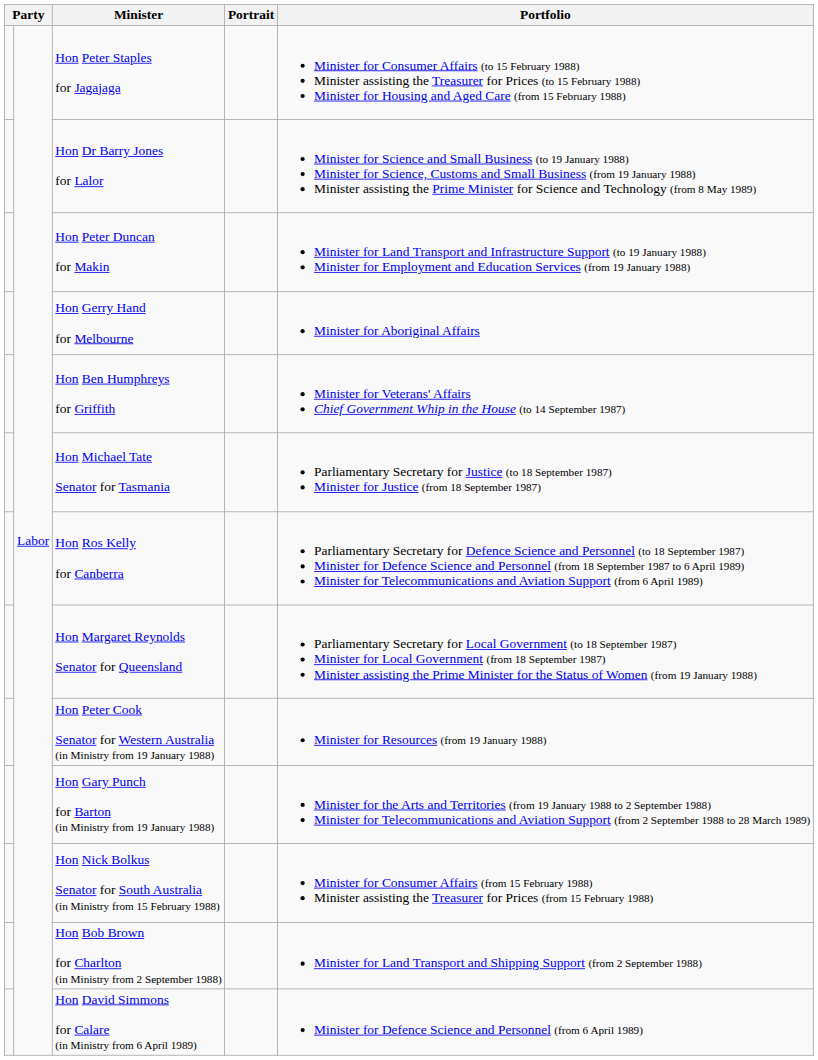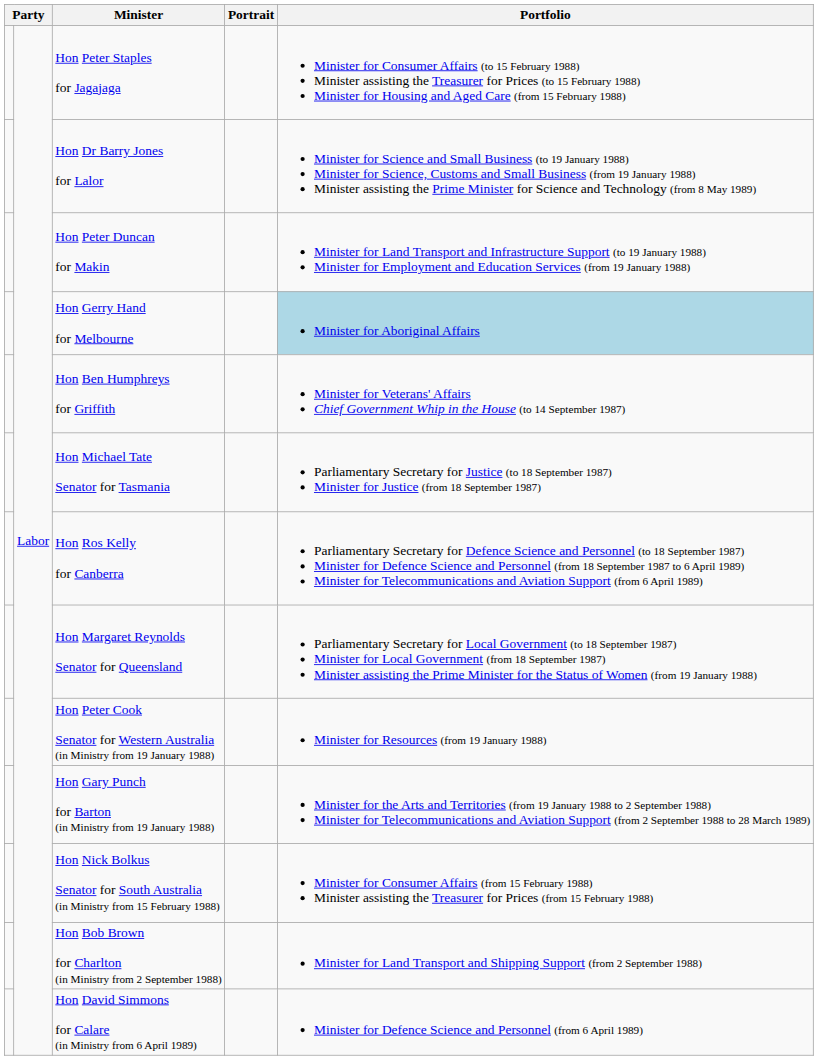 <table class="wikitable sortable">
 <tr>
 <th colspan="2">Party</th>
 <th>Minister</th>
 <th>Portrait</th>
 <th>Portfolio</th>
 </tr>
 <tr>
 <td> </td>
 <td rowspan=13><a href='#'>Labor</a></td>
 <td><a href='#'>Hon</a> <a href='#'>Peter Staples</a> <br><br> for <a href='#'>Jagajaga</a> <br></td>
 <td></td>
 <td><br><ul><li><a href='#'>Minister for Consumer Affairs</a> <small>(to 15 February 1988)</small></li><li>Minister assisting the <a href='#'>Treasurer</a> for Prices <small>(to 15 February 1988)</small></li><li><a href='#'>Minister for Housing and Aged Care</a> <small>(from 15 February 1988)</small></li></ul></td>
 </tr>
 <tr>
 <td> </td>
 <td><a href='#'>Hon</a> <a href='#'>Dr Barry Jones</a> <br><br> for <a href='#'>Lalor</a> <br></td>
 <td></td>
 <td><br><ul><li><a href='#'>Minister for Science and Small Business</a> <small>(to 19 January 1988)</small></li><li><a href='#'>Minister for Science, Customs and Small Business</a> <small>(from 19 January 1988)</small></li><li>Minister assisting the <a href='#'>Prime Minister</a> for Science and Technology <small>(from 8 May 1989)</small></li></ul></td>
 </tr>
 <tr>
 <td> </td>
 <td><a href='#'>Hon</a> <a href='#'>Peter Duncan</a> <br><br> for <a href='#'>Makin</a> <br></td>
 <td></td>
 <td><br><ul><li><a href='#'>Minister for Land Transport and Infrastructure Support</a> <small>(to 19 January 1988)</small></li><li><a href='#'>Minister for Employment and Education Services</a> <small>(from 19 January 1988)</small></li></ul></td>
 </tr>
 <tr>
 <td> </td>
 <td><a href='#'>Hon</a> <a href='#'>Gerry Hand</a> <br><br> for <a href='#'>Melbourne</a> <br></td>
 <td></td>
-<td><br><ul><li><a href='#'>Minister for Aboriginal Affairs</a></li></ul></td>
+<td style="background: lightblue;"><br><ul><li><a href='#'>Minister for Aboriginal Affairs</a></li></ul></td>
 </tr>
 <tr>
 <td> </td>
 <td><a href='#'>Hon</a> <a href='#'>Ben Humphreys</a> <br><br> for <a href='#'>Griffith</a> <br></td>
 <td></td>
 <td><br><ul><li><a href='#'>Minister for Veterans' Affairs</a></li><li><em><a href='#'>Chief Government Whip in the House</a></em> <small>(to 14 September 1987)</small></li></ul></td>
 </tr>
 <tr>
 <td> </td>
 <td><a href='#'>Hon</a> <a href='#'>Michael Tate</a> <br><br><a href='#'>Senator</a> for <a href='#'>Tasmania</a> <br></td>
 <td></td>
 <td><br><ul><li>Parliamentary Secretary for <a href='#'>Justice</a> <small>(to 18 September 1987)</small></li><li><a href='#'>Minister for Justice</a> <small>(from 18 September 1987)</small></li></ul></td>
 </tr>
 <tr>
 <td> </td>
 <td><a href='#'>Hon</a> <a href='#'>Ros Kelly</a> <br><br> for <a href='#'>Canberra</a> <br></td>
 <td></td>
 <td><br><ul><li>Parliamentary Secretary for <a href='#'>Defence Science and Personnel</a> <small>(to 18 September 1987)</small></li><li><a href='#'>Minister for Defence Science and Personnel</a> <small>(from 18 September 1987 to 6 April 1989)</small></li><li><a href='#'>Minister for Telecommunications and Aviation Support</a> <small>(from 6 April 1989)</small></li></ul></td>
 </tr>
 <tr>
 <td> </td>
 <td><a href='#'>Hon</a> <a href='#'>Margaret Reynolds</a> <br><br><a href='#'>Senator</a> for <a href='#'>Queensland</a> <br></td>
 <td></td>
 <td><br><ul><li>Parliamentary Secretary for <a href='#'>Local Government</a> <small>(to 18 September 1987)</small></li><li><a href='#'>Minister for Local Government</a> <small>(from 18 September 1987)</small></li><li><a href='#'>Minister assisting the Prime Minister for the Status of Women</a> <small>(from 19 January 1988)</small></li></ul></td>
 </tr>
 <tr>
 <td> </td>
 <td><a href='#'>Hon</a> <a href='#'>Peter Cook</a> <br><br><a href='#'>Senator</a> for <a href='#'>Western Australia</a> <br> <small>(in Ministry from 19 January 1988)</small></td>
 <td></td>
 <td><br><ul><li><a href='#'>Minister for Resources</a> <small>(from 19 January 1988)</small></li></ul></td>
 </tr>
 <tr>
 <td> </td>
 <td><a href='#'>Hon</a> <a href='#'>Gary Punch</a> <br><br> for <a href='#'>Barton</a> <br> <small>(in Ministry from 19 January 1988)</small></td>
 <td></td>
 <td><br><ul><li><a href='#'>Minister for the Arts and Territories</a> <small>(from 19 January 1988 to 2 September 1988)</small></li><li><a href='#'>Minister for Telecommunications and Aviation Support</a> <small>(from 2 September 1988 to 28 March 1989)</small></li></ul></td>
 </tr>
 <tr>
 <td> </td>
 <td><a href='#'>Hon</a> <a href='#'>Nick Bolkus</a> <br><br><a href='#'>Senator</a> for <a href='#'>South Australia</a> <br> <small>(in Ministry from 15 February 1988)</small></td>
 <td></td>
 <td><br><ul><li><a href='#'>Minister for Consumer Affairs</a> <small>(from 15 February 1988)</small></li><li>Minister assisting the <a href='#'>Treasurer</a> for Prices <small>(from 15 February 1988)</small></li></ul></td>
 </tr>
 <tr>
 <td> </td>
 <td><a href='#'>Hon</a> <a href='#'>Bob Brown</a> <br><br> for <a href='#'>Charlton</a> <br> <small>(in Ministry from 2 September 1988)</small></td>
 <td></td>
 <td><br><ul><li><a href='#'>Minister for Land Transport and Shipping Support</a> <small>(from 2 September 1988)</small></li></ul></td>
 </tr>
 <tr>
 <td> </td>
 <td><a href='#'>Hon</a> <a href='#'>David Simmons</a> <br><br> for <a href='#'>Calare</a> <br> <small>(in Ministry from 6 April 1989)</small></td>
 <td></td>
 <td><br><ul><li><a href='#'>Minister for Defence Science and Personnel</a> <small>(from 6 April 1989)</small></li></ul></td>
 </tr>
 </table>
